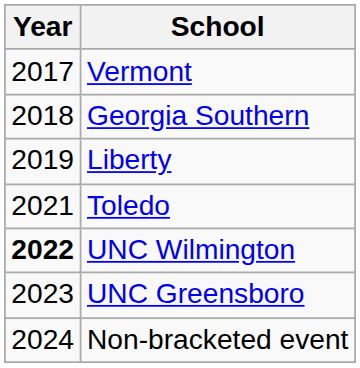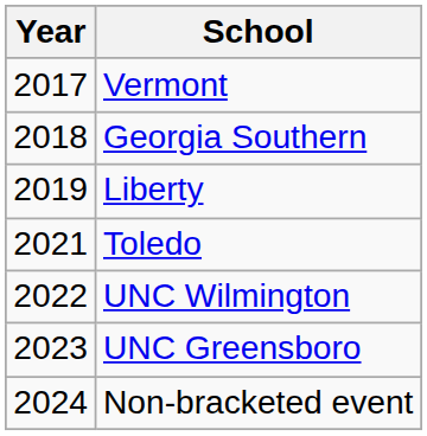 <table class="wikitable">
 <tr>
 <th>Year</th>
 <th>School</th>
 </tr>
 <tr>
 <td>2017</td>
 <td><a href='#'>Vermont</a></td>
 </tr>
 <tr>
 <td>2018</td>
 <td><a href='#'>Georgia Southern</a></td>
 </tr>
 <tr>
 <td>2019</td>
 <td><a href='#'>Liberty</a></td>
 </tr>
 <tr>
 <td>2021</td>
 <td><a href='#'>Toledo</a></td>
 </tr>
 <tr>
-<td><strong>2022</strong></td>
+<td>2022</td>
 <td><a href='#'>UNC Wilmington</a></td>
 </tr>
 <tr>
 <td>2023</td>
 <td><a href='#'>UNC Greensboro</a></td>
 </tr>
 <tr>
 <td>2024</td>
 <td>Non-bracketed event</td>
 </tr>
 </table>
